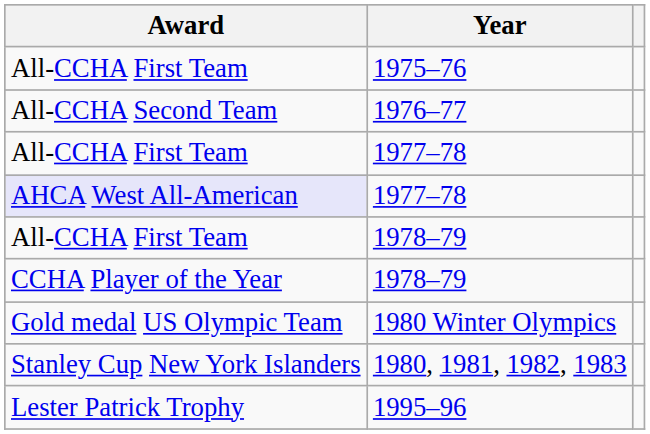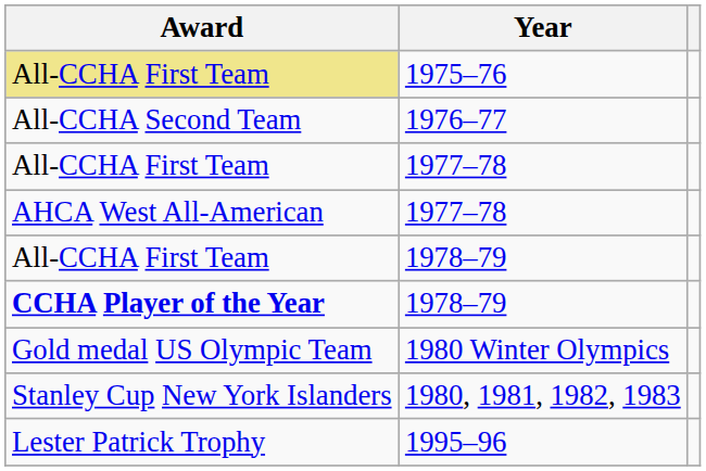 <table class="wikitable">
 <tr>
 <th>Award</th>
 <th>Year</th>
 <th></th>
 </tr>
 <tr>
-<td>All-<a href='#'>CCHA</a> <a href='#'>First Team</a></td>
+<td style="background: khaki;">All-<a href='#'>CCHA</a> <a href='#'>First Team</a></td>
 <td><a href='#'>1975–76</a></td>
 <td></td>
 </tr>
 <tr>
 <td>All-<a href='#'>CCHA</a> <a href='#'>Second Team</a></td>
 <td><a href='#'>1976–77</a></td>
 <td></td>
 </tr>
 <tr>
 <td>All-<a href='#'>CCHA</a> <a href='#'>First Team</a></td>
 <td><a href='#'>1977–78</a></td>
 <td></td>
 </tr>
 <tr>
-<td style="background: lavender;"><a href='#'>AHCA</a> <a href='#'>West All-American</a></td>
+<td><a href='#'>AHCA</a> <a href='#'>West All-American</a></td>
 <td><a href='#'>1977–78</a></td>
 <td></td>
 </tr>
 <tr>
 <td>All-<a href='#'>CCHA</a> <a href='#'>First Team</a></td>
 <td><a href='#'>1978–79</a></td>
 <td></td>
 </tr>
 <tr>
-<td><a href='#'>CCHA</a> <a href='#'>Player of the Year</a></td>
+<td><strong><a href='#'>CCHA</a> <a href='#'>Player of the Year</a></strong></td>
 <td><a href='#'>1978–79</a></td>
 <td></td>
 </tr>
 <tr>
 <td><a href='#'>Gold medal</a> <a href='#'>US Olympic Team</a></td>
 <td><a href='#'>1980 Winter Olympics</a></td>
 <td></td>
 </tr>
 <tr>
 <td><a href='#'>Stanley Cup</a> <a href='#'>New York Islanders</a></td>
 <td><a href='#'>1980</a>, <a href='#'>1981</a>, <a href='#'>1982</a>, <a href='#'>1983</a></td>
 <td></td>
 </tr>
 <tr>
 <td><a href='#'>Lester Patrick Trophy</a></td>
 <td><a href='#'>1995–96</a></td>
 <td></td>
 </tr>
 </table>
